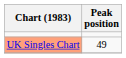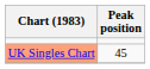 <table class="wikitable">
 <tr>
 <th>Chart (1983)</th>
 <th>Peak<br>position</th>
 </tr>
 <tr>
 <td></td>
 </tr>
 <tr>
 <td style="background: lightsalmon;"><a href='#'>UK Singles Chart</a></td>
-<td align="center">49</td>
+<td align="center">45</td>
 </tr>
 <tr>
 </tr>
 </table>
